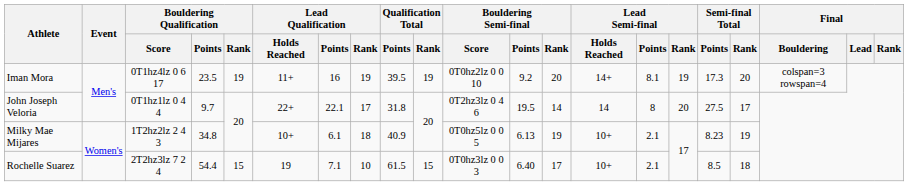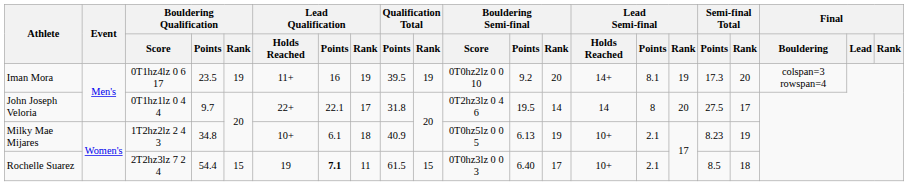 <table class="wikitable" style="text-align:center; font-size:90%">
 <tr>
 <th rowspan=2>Athlete</th>
 <th rowspan=2>Event</th>
 <th colspan=3>Bouldering<br>Qualification</th>
 <th colspan=3>Lead<br>Qualification</th>
 <th colspan=2>Qualification<br>Total</th>
 <th colspan=3>Bouldering<br>Semi-final</th>
 <th colspan=3>Lead<br>Semi-final</th>
 <th colspan=2>Semi-final<br>Total</th>
 <th colspan=3>Final</th>
 </tr>
 <tr>
 <th>Score</th>
 <th>Points</th>
 <th>Rank</th>
 <th>Holds Reached</th>
 <th>Points</th>
 <th>Rank</th>
 <th>Points</th>
 <th>Rank</th>
 <th>Score</th>
 <th>Points</th>
 <th>Rank</th>
 <th>Holds Reached</th>
 <th>Points</th>
 <th>Rank</th>
 <th>Points</th>
 <th>Rank</th>
 <th>Bouldering</th>
 <th>Lead</th>
 <th>Rank</th>
 </tr>
 <tr>
 <td align=left>Iman Mora</td>
 <td rowspan=2><a href='#'>Men's</a></td>
 <td>0T1hz4lz 0 6 17</td>
 <td>23.5</td>
 <td>19</td>
 <td>11+</td>
 <td>16</td>
 <td>19</td>
 <td>39.5</td>
 <td>19 </td>
 <td>0T0hz2lz 0 0 10</td>
 <td>9.2</td>
 <td>20</td>
 <td>14+</td>
 <td>8.1</td>
 <td>19</td>
 <td>17.3</td>
 <td>20</td>
 <td>colspan=3 rowspan=4 </td>
 </tr>
 <tr>
 <td align=left>John Joseph Veloria</td>
 <td>0T1hz1lz 0 4 4</td>
 <td>9.7</td>
 <td rowspan=2>20</td>
 <td>22+</td>
 <td>22.1</td>
 <td>17</td>
 <td>31.8</td>
 <td rowspan=2>20 </td>
 <td>0T2hz3lz 0 4 6</td>
 <td>19.5</td>
 <td>14</td>
 <td>14</td>
 <td>8</td>
 <td>20</td>
 <td>27.5</td>
 <td>17</td>
 </tr>
 <tr>
 <td align=left>Milky Mae Mijares</td>
 <td rowspan=2><a href='#'>Women's</a></td>
 <td>1T2hz2lz 2 4 3</td>
 <td>34.8</td>
 <td>10+</td>
 <td>6.1</td>
 <td>18</td>
 <td>40.9</td>
 <td>0T0hz5lz 0 0 5</td>
 <td>6.13</td>
 <td>19</td>
 <td>10+</td>
 <td>2.1</td>
 <td rowspan=2>17</td>
 <td>8.23</td>
 <td>19</td>
 </tr>
 <tr>
 <td align=left>Rochelle Suarez</td>
 <td>2T2hz3lz 7 2 4</td>
 <td>54.4</td>
 <td>15</td>
 <td>19</td>
-<td>7.1</td>
-<td>10</td>
+<td><strong>7.1</strong></td>
+<td>11</td>
 <td>61.5</td>
 <td>15 </td>
 <td>0T0hz3lz 0 0 3</td>
 <td>6.40</td>
 <td>17</td>
 <td>10+</td>
 <td>2.1</td>
 <td>8.5</td>
 <td>18</td>
 </tr>
 </table>
